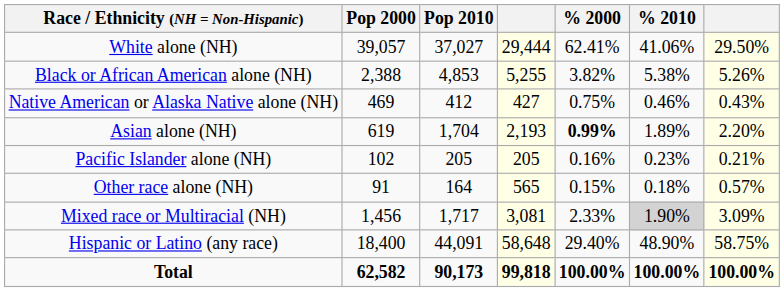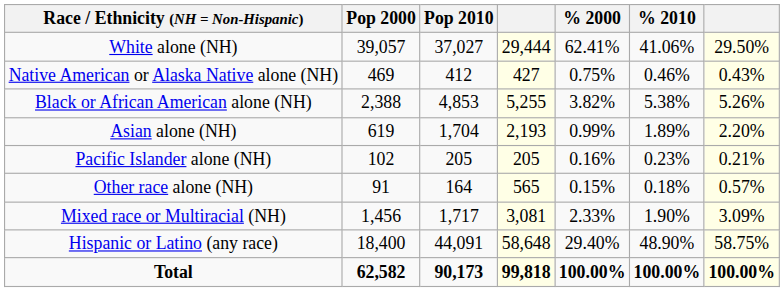 <table class="wikitable" style="text-align:center;">
 <tr>
 <th>Race / Ethnicity <small>(<em>NH = Non-Hispanic</em>)</small></th>
 <th>Pop 2000</th>
 <th>Pop 2010</th>
 <th></th>
 <th>% 2000</th>
 <th>% 2010</th>
 <th></th>
 </tr>
 <tr>
 <td><a href='#'>White</a> alone (NH)</td>
 <td>39,057</td>
 <td>37,027</td>
 <td style='background: #ffffe6;'>29,444</td>
 <td>62.41%</td>
 <td>41.06%</td>
 <td style='background: #ffffe6;'>29.50%</td>
 </tr>
 <tr>
+<td><a href='#'>Native American</a> or <a href='#'>Alaska Native</a> alone (NH)</td>
+<td>469</td>
+<td>412</td>
+<td style='background: #ffffe6;'>427</td>
+<td>0.75%</td>
+<td>0.46%</td>
+<td style='background: #ffffe6;'>0.43%</td>
+</tr>
+<tr>
 <td><a href='#'>Black or African American</a> alone (NH)</td>
 <td>2,388</td>
 <td>4,853</td>
 <td style='background: #ffffe6;'>5,255</td>
 <td>3.82%</td>
 <td>5.38%</td>
 <td style='background: #ffffe6;'>5.26%</td>
 </tr>
 <tr>
-<td><a href='#'>Native American</a> or <a href='#'>Alaska Native</a> alone (NH)</td>
-<td>469</td>
-<td>412</td>
-<td style='background: #ffffe6;'>427</td>
-<td>0.75%</td>
-<td>0.46%</td>
-<td style='background: #ffffe6;'>0.43%</td>
-</tr>
-<tr>
 <td><a href='#'>Asian</a> alone (NH)</td>
 <td>619</td>
 <td>1,704</td>
 <td style='background: #ffffe6;'>2,193</td>
-<td><strong>0.99%</strong></td>
+<td>0.99%</td>
 <td>1.89%</td>
 <td style='background: #ffffe6;'>2.20%</td>
 </tr>
 <tr>
 <td><a href='#'>Pacific Islander</a> alone (NH)</td>
 <td>102</td>
 <td>205</td>
 <td style='background: #ffffe6;'>205</td>
 <td>0.16%</td>
 <td>0.23%</td>
 <td style='background: #ffffe6;'>0.21%</td>
 </tr>
 <tr>
 <td><a href='#'>Other race</a> alone (NH)</td>
 <td>91</td>
 <td>164</td>
 <td style='background: #ffffe6;'>565</td>
 <td>0.15%</td>
 <td>0.18%</td>
 <td style='background: #ffffe6;'>0.57%</td>
 </tr>
 <tr>
 <td><a href='#'>Mixed race or Multiracial</a> (NH)</td>
 <td>1,456</td>
 <td>1,717</td>
 <td style='background: #ffffe6;'>3,081</td>
 <td>2.33%</td>
-<td style="background: lightgrey;">1.90%</td>
+<td>1.90%</td>
 <td style='background: #ffffe6;'>3.09%</td>
 </tr>
 <tr>
 <td><a href='#'>Hispanic or Latino</a> (any race)</td>
 <td>18,400</td>
 <td>44,091</td>
 <td style='background: #ffffe6;'>58,648</td>
 <td>29.40%</td>
 <td>48.90%</td>
 <td style='background: #ffffe6;'>58.75%</td>
 </tr>
 <tr>
 <td><strong>Total</strong></td>
 <td><strong>62,582</strong></td>
 <td><strong>90,173</strong></td>
 <td style='background: #ffffe6;'><strong>99,818</strong></td>
 <td><strong>100.00%</strong></td>
 <td><strong>100.00%</strong></td>
 <td style='background: #ffffe6;'><strong>100.00%</strong></td>
 </tr>
 </table>
